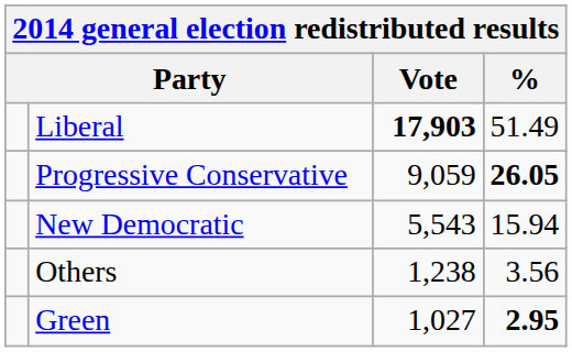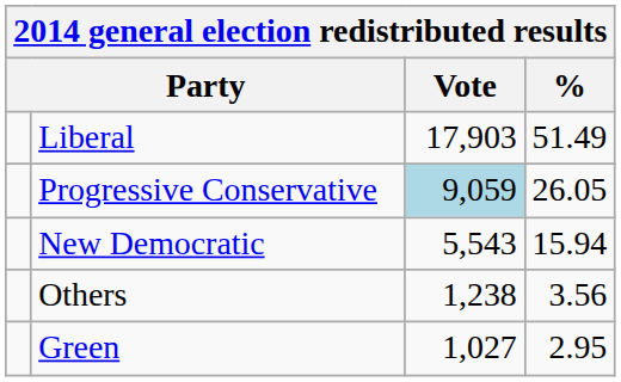 <table class="wikitable">
 <tr>
 <th colspan="4"><a href='#'>2014 general election</a> redistributed results</th>
 </tr>
 <tr>
 <th bgcolor="#DDDDFF" width="130px" colspan="2">Party</th>
 <th bgcolor="#DDDDFF" width="50px">Vote</th>
 <th bgcolor="#DDDDFF" width="30px">%</th>
 </tr>
 <tr>
 <td> </td>
 <td><a href='#'>Liberal</a></td>
-<td align=right><strong>17,903</strong></td>
+<td align=right>17,903</td>
 <td align=right>51.49</td>
 </tr>
 <tr>
 <td> </td>
 <td><a href='#'>Progressive Conservative</a></td>
-<td align=right>9,059</td>
-<td align=right><strong>26.05</strong></td>
+<td align=right style="background: lightblue;">9,059</td>
+<td align=right>26.05</td>
 </tr>
 <tr>
 <td> </td>
 <td><a href='#'>New Democratic</a></td>
 <td align=right>5,543</td>
 <td align=right>15.94</td>
 </tr>
 <tr>
 <td> </td>
 <td>Others</td>
 <td align=right>1,238</td>
 <td align=right>3.56</td>
 </tr>
 <tr>
 <td> </td>
 <td><a href='#'>Green</a></td>
 <td align=right>1,027</td>
-<td align=right><strong>2.95</strong></td>
+<td align=right>2.95</td>
 </tr>
 </table>
